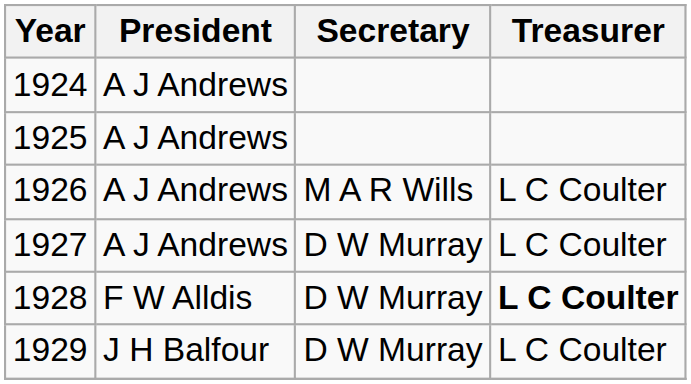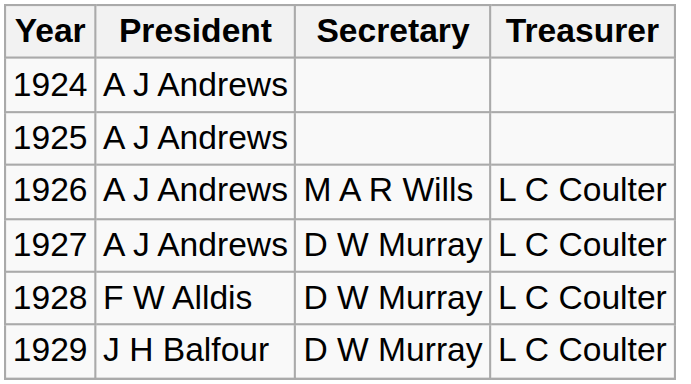 <table class="wikitable sortable">
 <tr>
 <th>Year</th>
 <th>President</th>
 <th>Secretary</th>
 <th>Treasurer</th>
 </tr>
 <tr>
 <td>1924</td>
 <td>A J Andrews</td>
 <td></td>
 <td></td>
 </tr>
 <tr>
 <td>1925</td>
 <td>A J Andrews</td>
 <td></td>
 <td></td>
 </tr>
 <tr>
 <td>1926</td>
 <td>A J Andrews</td>
 <td>M A R Wills</td>
 <td>L C Coulter</td>
 </tr>
 <tr>
 <td>1927</td>
 <td>A J Andrews</td>
 <td>D W Murray</td>
 <td>L C Coulter</td>
 </tr>
 <tr>
 <td>1928</td>
 <td>F W Alldis</td>
 <td>D W Murray</td>
-<td><strong>L C Coulter</strong></td>
+<td>L C Coulter</td>
 </tr>
 <tr>
 <td>1929</td>
 <td>J H Balfour</td>
 <td>D W Murray</td>
 <td>L C Coulter</td>
 </tr>
 <tr>
 </tr>
 </table>
